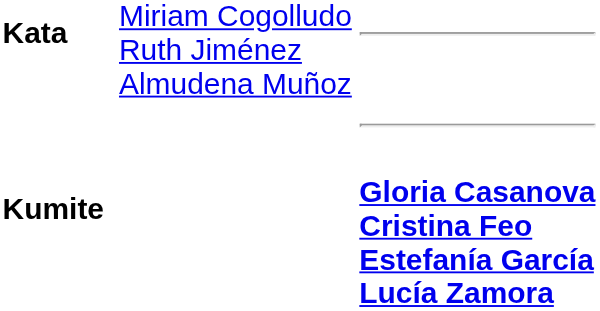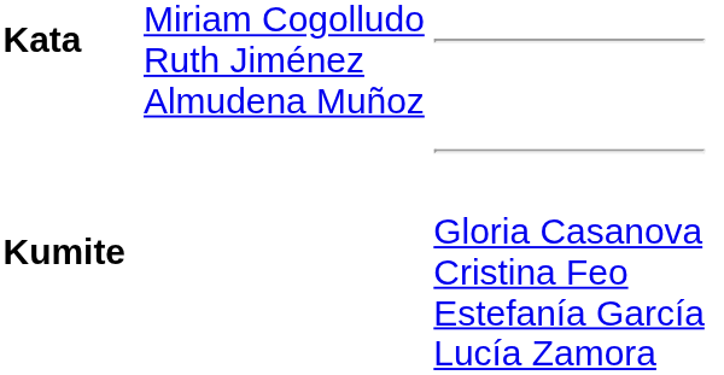 <table>
 <tr>
 <td><strong>Kata</strong></td>
 <td></td>
 <td><br><a href='#'>Miriam Cogolludo</a><br><a href='#'>Ruth Jiménez</a><br><a href='#'>Almudena Muñoz</a></td>
 <td><hr></td>
 </tr>
 <tr>
 <td><strong>Kumite</strong></td>
 <td></td>
 <td></td>
-<td><strong><hr><br><a href='#'>Gloria Casanova</a><br><a href='#'>Cristina Feo</a><br><a href='#'>Estefanía García</a><br><a href='#'>Lucía Zamora</a></strong></td>
+<td><hr><br><a href='#'>Gloria Casanova</a><br><a href='#'>Cristina Feo</a><br><a href='#'>Estefanía García</a><br><a href='#'>Lucía Zamora</a></td>
 </tr>
 </table>
